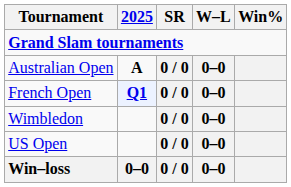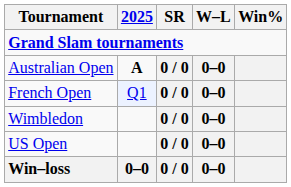 <table class=wikitable style=text-align:center>
 <tr>
 <th>Tournament</th>
 <th><a href='#'>2025</a></th>
 <th>SR</th>
 <th>W–L</th>
 <th>Win%</th>
 </tr>
 <tr>
 <td colspan="11" style="text-align:left"><strong><a href='#'>Grand Slam tournaments</a></strong></td>
 </tr>
 <tr>
 <td align=left><a href='#'>Australian Open</a></td>
 <td><strong>A</strong></td>
 <th>0 / 0</th>
 <th>0–0</th>
 <th></th>
 </tr>
 <tr>
 <td align=left><a href='#'>French Open</a></td>
-<td bgcolor=ecf2ff><strong><a href='#'>Q1</a></strong></td>
+<td bgcolor=ecf2ff><a href='#'>Q1</a></td>
 <th>0 / 0</th>
 <th>0–0</th>
 <th></th>
 </tr>
 <tr>
 <td align=left><a href='#'>Wimbledon</a></td>
 <td></td>
 <th>0 / 0</th>
 <th>0–0</th>
 <th></th>
 </tr>
 <tr>
 <td align=left><a href='#'>US Open</a></td>
 <td></td>
 <th>0 / 0</th>
 <th>0–0</th>
 <th></th>
 </tr>
 <tr>
 <th style=text-align:left>Win–loss</th>
 <th>0–0</th>
 <th>0 / 0</th>
 <th>0–0</th>
 <th></th>
 </tr>
 </table>
